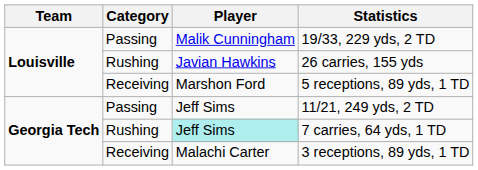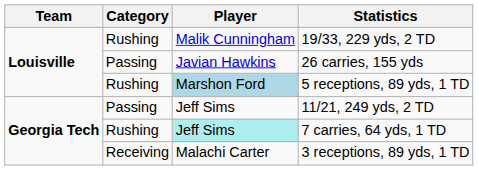 <table class="wikitable" style="float: right;">
 <tr>
 <th>Team</th>
 <th>Category</th>
 <th>Player</th>
 <th>Statistics</th>
 </tr>
 <tr>
 <td rowspan=3><strong>Louisville</strong></td>
-<td>Passing</td>
+<td>Rushing</td>
 <td><a href='#'>Malik Cunningham</a></td>
 <td>19/33, 229 yds, 2 TD</td>
 </tr>
 <tr>
-<td>Rushing</td>
+<td>Passing</td>
 <td><a href='#'>Javian Hawkins</a></td>
 <td>26 carries, 155 yds</td>
 </tr>
 <tr>
-<td>Receiving</td>
-<td>Marshon Ford</td>
+<td>Rushing</td>
+<td style="background: lightblue;">Marshon Ford</td>
 <td>5 receptions, 89 yds, 1 TD</td>
 </tr>
 <tr>
 <td rowspan=3><strong>Georgia Tech</strong></td>
 <td>Passing</td>
 <td>Jeff Sims</td>
 <td>11/21, 249 yds, 2 TD</td>
 </tr>
 <tr>
 <td>Rushing</td>
 <td style="background: paleturquoise;">Jeff Sims</td>
 <td>7 carries, 64 yds, 1 TD</td>
 </tr>
 <tr>
 <td>Receiving</td>
 <td>Malachi Carter</td>
 <td>3 receptions, 89 yds, 1 TD</td>
 </tr>
 </table>
